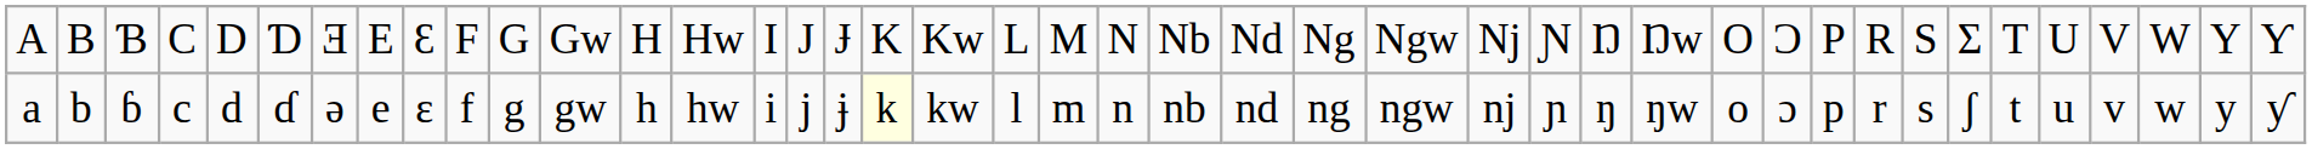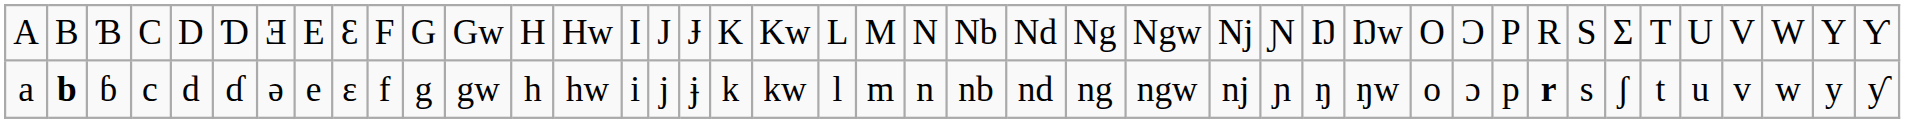 <table class="wikitable" style="text-align: center;">
 <tr>
 <td>A</td>
 <td>B</td>
 <td>Ɓ</td>
 <td>C</td>
 <td>D</td>
 <td>Ɗ</td>
 <td>Ǝ</td>
 <td>E</td>
 <td>Ɛ</td>
 <td>F</td>
 <td>G</td>
 <td>Gw</td>
 <td>H</td>
 <td>Hw</td>
 <td>I</td>
 <td>J</td>
 <td>Ɉ</td>
 <td>K</td>
 <td>Kw</td>
 <td>L</td>
 <td>M</td>
 <td>N</td>
 <td>Nb</td>
 <td>Nd</td>
 <td>Ng</td>
 <td>Ngw</td>
 <td>Nj</td>
 <td>Ɲ</td>
 <td>Ŋ</td>
 <td>Ŋw</td>
 <td>O</td>
 <td>Ɔ</td>
 <td>P</td>
 <td>R</td>
 <td>S</td>
 <td>Ʃ</td>
 <td>T</td>
 <td>U</td>
 <td>V</td>
 <td>W</td>
 <td>Y</td>
 <td>Ƴ</td>
 </tr>
 <tr>
 <td>a</td>
-<td>b</td>
+<td><strong>b</strong></td>
 <td>ɓ</td>
 <td>c</td>
 <td>d</td>
 <td>ɗ</td>
 <td>ǝ</td>
 <td>e</td>
 <td>ɛ</td>
 <td>f</td>
 <td>g</td>
 <td>gw</td>
 <td>h</td>
 <td>hw</td>
 <td>i</td>
 <td>j</td>
 <td>ɉ</td>
-<td style="background: lightyellow;">k</td>
+<td>k</td>
 <td>kw</td>
 <td>l</td>
 <td>m</td>
 <td>n</td>
 <td>nb</td>
 <td>nd</td>
 <td>ng</td>
 <td>ngw</td>
 <td>nj</td>
 <td>ɲ</td>
 <td>ŋ</td>
 <td>ŋw</td>
 <td>o</td>
 <td>ɔ</td>
 <td>p</td>
-<td>r</td>
+<td><strong>r</strong></td>
 <td>s</td>
 <td>ʃ</td>
 <td>t</td>
 <td>u</td>
 <td>v</td>
 <td>w</td>
 <td>y</td>
 <td>ƴ</td>
 </tr>
 </table>
